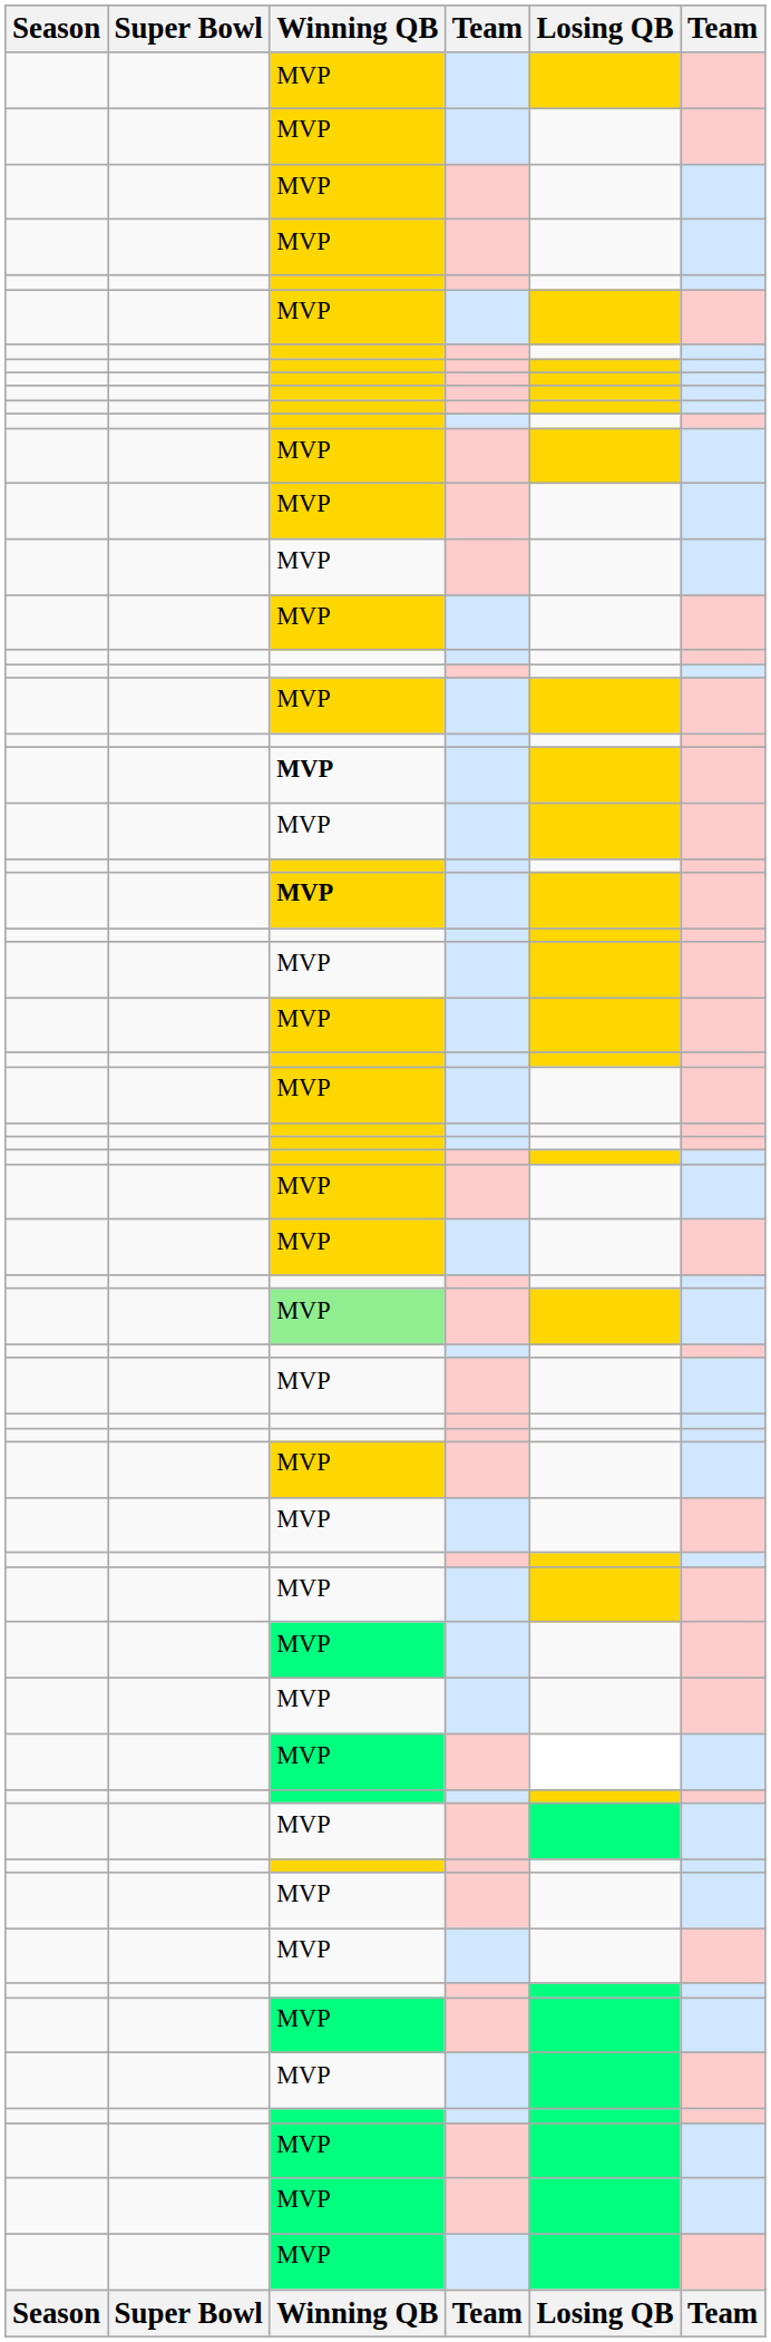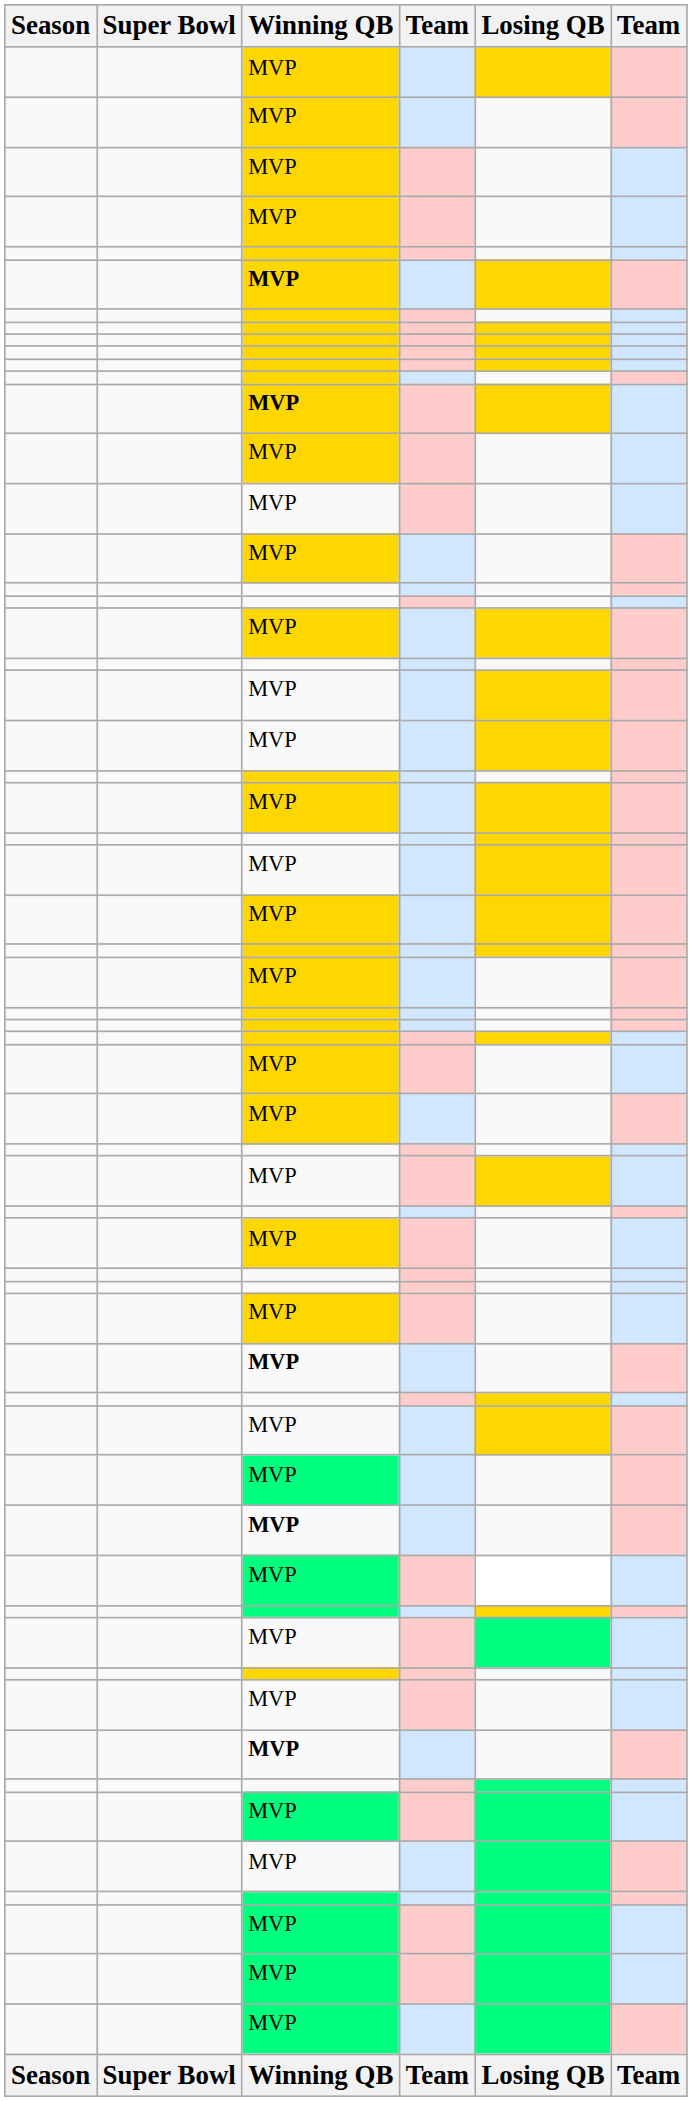 <table class="wikitable sortable">
 <tr>
 <th>Season</th>
 <th>Super Bowl</th>
 <th>Winning QB</th>
 <th>Team</th>
 <th>Losing QB</th>
 <th>Team</th>
 </tr>
 <tr>
 <td></td>
 <td></td>
 <td style="background: #FFD700;"><sup>MVP</sup></td>
 <td style="background:#d0e7ff;"></td>
 <td style="background: #FFD700;"></td>
 <td style="background:#ffcccc;"></td>
 </tr>
 <tr>
 <td></td>
 <td></td>
 <td style="background: #FFD700;"><sup>MVP</sup></td>
 <td style="background:#d0e7ff;"></td>
 <td></td>
 <td style="background:#ffcccc;"></td>
 </tr>
 <tr>
 <td></td>
 <td></td>
 <td style="background: #FFD700;"><sup>MVP</sup></td>
 <td style="background:#ffcccc;"></td>
 <td></td>
 <td style="background:#d0e7ff;"></td>
 </tr>
 <tr>
 <td></td>
 <td></td>
 <td style="background: #FFD700;"><sup>MVP</sup></td>
 <td style="background:#ffcccc;"></td>
 <td></td>
 <td style="background:#d0e7ff;"></td>
 </tr>
 <tr>
 <td></td>
 <td></td>
 <td style="background: #FFD700;"></td>
 <td style="background:#ffcccc;"></td>
 <td></td>
 <td style="background:#d0e7ff;"></td>
 </tr>
 <tr>
 <td></td>
 <td></td>
-<td style="background: #FFD700;"><sup>MVP</sup></td>
+<td style="background: #FFD700;"><strong><sup>MVP</sup></strong></td>
 <td style="background:#d0e7ff;"></td>
 <td style="background: #FFD700;"></td>
 <td style="background:#ffcccc;"></td>
 </tr>
 <tr>
 <td></td>
 <td></td>
 <td style="background: #FFD700;"></td>
 <td style="background:#ffcccc;"></td>
 <td></td>
 <td style="background:#d0e7ff;"></td>
 </tr>
 <tr>
 <td></td>
 <td></td>
 <td style="background: #FFD700;"></td>
 <td style="background:#ffcccc;"></td>
 <td style="background: #FFD700;"></td>
 <td style="background:#d0e7ff;"></td>
 </tr>
 <tr>
 <td></td>
 <td></td>
 <td style="background: #FFD700;"></td>
 <td style="background:#ffcccc;"></td>
 <td style="background: #FFD700;"></td>
 <td style="background:#d0e7ff;"></td>
 </tr>
 <tr>
 <td></td>
 <td></td>
 <td style="background: #FFD700;"></td>
 <td style="background:#ffcccc;"></td>
 <td style="background: #FFD700;"></td>
 <td style="background:#d0e7ff;"></td>
 </tr>
 <tr>
 <td></td>
 <td></td>
 <td style="background: #FFD700;"></td>
 <td style="background:#ffcccc;"></td>
 <td style="background: #FFD700;"></td>
 <td style="background:#d0e7ff;"></td>
 </tr>
 <tr>
 <td></td>
 <td></td>
 <td style="background: #FFD700;"></td>
 <td style="background:#d0e7ff;"></td>
 <td></td>
 <td style="background:#ffcccc;"></td>
 </tr>
 <tr>
 <td></td>
 <td></td>
-<td style="background: #FFD700;"><sup>MVP</sup></td>
+<td style="background: #FFD700;"><strong><sup>MVP</sup></strong></td>
 <td style="background:#ffcccc;"></td>
 <td style="background: #FFD700;"></td>
 <td style="background:#d0e7ff;"></td>
 </tr>
 <tr>
 <td></td>
 <td></td>
 <td style="background: #FFD700;"><sup>MVP</sup></td>
 <td style="background:#ffcccc;"></td>
 <td></td>
 <td style="background:#d0e7ff;"></td>
 </tr>
 <tr>
 <td></td>
 <td></td>
 <td><sup>MVP</sup></td>
 <td style="background:#ffcccc;"></td>
 <td></td>
 <td style="background:#d0e7ff;"></td>
 </tr>
 <tr>
 <td></td>
 <td></td>
 <td style="background: #FFD700;"><sup>MVP</sup></td>
 <td style="background:#d0e7ff;"></td>
 <td></td>
 <td style="background:#ffcccc;"></td>
 </tr>
 <tr>
 <td></td>
 <td></td>
 <td></td>
 <td style="background:#d0e7ff;"></td>
 <td></td>
 <td style="background:#ffcccc;"></td>
 </tr>
 <tr>
 <td></td>
 <td></td>
 <td></td>
 <td style="background:#ffcccc;"></td>
 <td></td>
 <td style="background:#d0e7ff;"></td>
 </tr>
 <tr>
 <td></td>
 <td></td>
 <td style="background: #FFD700;"><sup>MVP</sup></td>
 <td style="background:#d0e7ff;"></td>
 <td style="background: #FFD700;"></td>
 <td style="background:#ffcccc;"></td>
 </tr>
 <tr>
 <td></td>
 <td></td>
 <td></td>
 <td style="background:#d0e7ff;"></td>
 <td></td>
 <td style="background:#ffcccc;"></td>
 </tr>
 <tr>
 <td></td>
 <td></td>
-<td><strong><sup>MVP</sup></strong></td>
+<td><sup>MVP</sup></td>
 <td style="background:#d0e7ff;"></td>
 <td style="background: #FFD700;"></td>
 <td style="background:#ffcccc;"></td>
 </tr>
 <tr>
 <td></td>
 <td></td>
 <td><sup>MVP</sup></td>
 <td style="background:#d0e7ff;"></td>
 <td style="background: #FFD700;"></td>
 <td style="background:#ffcccc;"></td>
 </tr>
 <tr>
 <td></td>
 <td></td>
 <td style="background: #FFD700;"></td>
 <td style="background:#d0e7ff;"></td>
 <td></td>
 <td style="background:#ffcccc;"></td>
 </tr>
 <tr>
 <td></td>
 <td></td>
-<td style="background: #FFD700;"><strong><sup>MVP</sup></strong></td>
+<td style="background: #FFD700;"><sup>MVP</sup></td>
 <td style="background:#d0e7ff;"></td>
 <td style="background: #FFD700;"></td>
 <td style="background:#ffcccc;"></td>
 </tr>
 <tr>
 <td></td>
 <td></td>
 <td></td>
 <td style="background:#d0e7ff;"></td>
 <td style="background: #FFD700;"></td>
 <td style="background:#ffcccc;"></td>
 </tr>
 <tr>
 <td></td>
 <td></td>
 <td><sup>MVP</sup></td>
 <td style="background:#d0e7ff;"></td>
 <td style="background: #FFD700;"></td>
 <td style="background:#ffcccc;"></td>
 </tr>
 <tr>
 <td></td>
 <td></td>
 <td style="background: #FFD700;"><sup>MVP</sup></td>
 <td style="background:#d0e7ff;"></td>
 <td style="background: #FFD700;"></td>
 <td style="background:#ffcccc;"></td>
 </tr>
 <tr>
 <td></td>
 <td></td>
 <td style="background: #FFD700;"></td>
 <td style="background:#d0e7ff;"></td>
 <td style="background: #FFD700;"></td>
 <td style="background:#ffcccc;"></td>
 </tr>
 <tr>
 <td></td>
 <td></td>
 <td style="background: #FFD700;"><sup>MVP</sup></td>
 <td style="background:#d0e7ff;"></td>
 <td></td>
 <td style="background:#ffcccc;"></td>
 </tr>
 <tr>
 <td></td>
 <td></td>
 <td style="background: #FFD700;"></td>
 <td style="background:#d0e7ff;"></td>
 <td></td>
 <td style="background:#ffcccc;"></td>
 </tr>
 <tr>
 <td></td>
 <td></td>
 <td style="background: #FFD700;"></td>
 <td style="background:#d0e7ff;"></td>
 <td></td>
 <td style="background:#ffcccc;"></td>
 </tr>
 <tr>
 <td></td>
 <td></td>
 <td style="background: #FFD700;"></td>
 <td style="background:#ffcccc;"></td>
 <td style="background: #FFD700;"></td>
 <td style="background:#d0e7ff;"></td>
 </tr>
 <tr>
 <td></td>
 <td></td>
 <td style="background: #FFD700;"><sup>MVP</sup></td>
 <td style="background:#ffcccc;"></td>
 <td></td>
 <td style="background:#d0e7ff;"></td>
 </tr>
 <tr>
 <td></td>
 <td></td>
 <td style="background: #FFD700;"><sup>MVP</sup></td>
 <td style="background:#d0e7ff;"></td>
 <td></td>
 <td style="background:#ffcccc;"></td>
 </tr>
 <tr>
 <td></td>
 <td></td>
 <td></td>
 <td style="background:#ffcccc;"></td>
 <td></td>
 <td style="background:#d0e7ff;"></td>
 </tr>
 <tr>
 <td></td>
 <td></td>
-<td style="background: lightgreen;"><sup>MVP</sup></td>
+<td><sup>MVP</sup></td>
 <td style="background:#ffcccc;"></td>
 <td style="background: #FFD700;"></td>
 <td style="background:#d0e7ff;"></td>
 </tr>
 <tr>
 <td></td>
 <td></td>
 <td></td>
 <td style="background:#d0e7ff;"></td>
 <td></td>
 <td style="background:#ffcccc;"></td>
 </tr>
 <tr>
 <td></td>
 <td></td>
-<td><sup>MVP</sup></td>
+<td style="background: gold;"><sup>MVP</sup></td>
 <td style="background:#ffcccc;"></td>
 <td></td>
 <td style="background:#d0e7ff;"></td>
 </tr>
 <tr>
 <td></td>
 <td></td>
 <td></td>
 <td style="background:#ffcccc;"></td>
 <td></td>
 <td style="background:#d0e7ff;"></td>
 </tr>
 <tr>
 <td></td>
 <td></td>
 <td></td>
 <td style="background:#ffcccc;"></td>
 <td></td>
 <td style="background:#d0e7ff;"></td>
 </tr>
 <tr>
 <td></td>
 <td></td>
 <td bgcolor="#FFD700"><sup>MVP</sup></td>
 <td style="background:#ffcccc;"></td>
 <td></td>
 <td style="background:#d0e7ff;"></td>
 </tr>
 <tr>
 <td></td>
 <td></td>
-<td><sup>MVP</sup></td>
+<td><strong><sup>MVP</sup></strong></td>
 <td style="background:#d0e7ff;"></td>
 <td></td>
 <td style="background:#ffcccc;"></td>
 </tr>
 <tr>
 <td></td>
 <td></td>
 <td></td>
 <td style="background:#ffcccc;"></td>
 <td style="background: #FFD700;"></td>
 <td style="background:#d0e7ff;"></td>
 </tr>
 <tr>
 <td></td>
 <td></td>
 <td><sup>MVP</sup></td>
 <td style="background:#d0e7ff;"></td>
 <td bgcolor="#FFD700"></td>
 <td style="background:#ffcccc;"></td>
 </tr>
 <tr>
 <td></td>
 <td></td>
 <td style="background: #00ff7f"><sup>MVP</sup></td>
 <td style="background:#d0e7ff;"></td>
 <td></td>
 <td style="background:#ffcccc;"></td>
 </tr>
 <tr>
 <td></td>
 <td></td>
-<td><sup>MVP</sup></td>
+<td><strong><sup>MVP</sup></strong></td>
 <td style="background:#d0e7ff;"></td>
 <td></td>
 <td style="background:#ffcccc;"></td>
 </tr>
 <tr>
 <td></td>
 <td></td>
 <td style="background: #00ff7f"><sup>MVP</sup></td>
 <td style="background:#ffcccc;"></td>
 <td bgcolor="#FFFFFF"></td>
 <td style="background:#d0e7ff;"></td>
 </tr>
 <tr>
 <td></td>
 <td></td>
 <td style="background: #00ff7f"></td>
 <td style="background:#d0e7ff;"></td>
 <td bgcolor="#FFD700"></td>
 <td style="background:#ffcccc;"></td>
 </tr>
 <tr>
 <td></td>
 <td></td>
 <td><sup>MVP</sup></td>
 <td style="background:#ffcccc;"></td>
 <td style="background: #00ff7f"></td>
 <td style="background:#d0e7ff;"></td>
 </tr>
 <tr>
 <td></td>
 <td></td>
 <td bgcolor="#FFD700"></td>
 <td style="background:#ffcccc;"></td>
 <td></td>
 <td style="background:#d0e7ff;"></td>
 </tr>
 <tr>
 <td></td>
 <td></td>
 <td><sup>MVP</sup></td>
 <td style="background:#ffcccc;"></td>
 <td></td>
 <td style="background:#d0e7ff;"></td>
 </tr>
 <tr>
 <td></td>
 <td></td>
-<td><sup>MVP</sup></td>
+<td><strong><sup>MVP</sup></strong></td>
 <td style="background:#d0e7ff;"></td>
 <td></td>
 <td style="background:#ffcccc;"></td>
 </tr>
 <tr>
 <td></td>
 <td></td>
 <td></td>
 <td style="background:#ffcccc;"></td>
 <td style="background: #00ff7f"></td>
 <td style="background:#d0e7ff;"></td>
 </tr>
 <tr>
 <td></td>
 <td></td>
 <td style="background: #00ff7f"><sup>MVP</sup></td>
 <td style="background:#ffcccc;"></td>
 <td style="background: #00ff7f"></td>
 <td style="background:#d0e7ff;"></td>
 </tr>
 <tr>
 <td></td>
 <td></td>
 <td><sup>MVP</sup></td>
 <td style="background:#d0e7ff;"></td>
 <td style="background: #00ff7f"></td>
 <td style="background:#ffcccc;"></td>
 </tr>
 <tr>
 <td></td>
 <td></td>
 <td style="background: #00ff7f"></td>
 <td style="background:#d0e7ff;"></td>
 <td style="background: #00ff7f"></td>
 <td style="background:#ffcccc;"></td>
 </tr>
 <tr>
 <td></td>
 <td></td>
 <td style="background: #00ff7f"><sup>MVP</sup></td>
 <td style="background:#ffcccc;"></td>
 <td style="background: #00ff7f"></td>
 <td style="background:#d0e7ff;"></td>
 </tr>
 <tr>
 <td></td>
 <td></td>
 <td style="background: #00ff7f"><sup>MVP</sup></td>
 <td style="background:#ffcccc;"></td>
 <td style="background: #00ff7f"></td>
 <td style="background:#d0e7ff;"></td>
 </tr>
 <tr>
 <td></td>
 <td></td>
 <td style="background: #00ff7f"><sup>MVP</sup></td>
 <td style="background:#d0e7ff;"></td>
 <td style="background: #00ff7f"></td>
 <td style="background:#ffcccc;"></td>
 </tr>
 <tr>
 <th>Season</th>
 <th>Super Bowl</th>
 <th>Winning QB</th>
 <th>Team</th>
 <th>Losing QB</th>
 <th>Team</th>
 </tr>
 <tr>
 </tr>
 </table>
